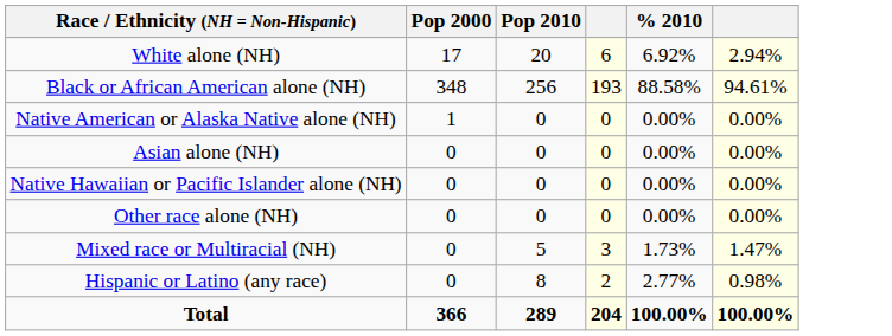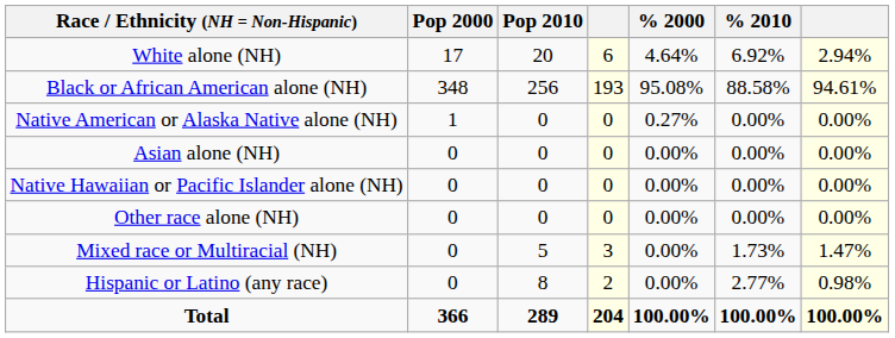 <table class="wikitable" style="text-align:center;">
 <tr>
 <th>Race / Ethnicity <small>(<em>NH = Non-Hispanic</em>)</small></th>
 <th>Pop 2000</th>
 <th>Pop 2010</th>
 <th></th>
+<th>% 2000</th>
 <th>% 2010</th>
 <th></th>
 </tr>
 <tr>
 <td><a href='#'>White</a> alone (NH)</td>
 <td>17</td>
 <td>20</td>
 <td style='background: #ffffe6;'>6</td>
+<td>4.64%</td>
 <td>6.92%</td>
 <td style='background: #ffffe6;'>2.94%</td>
 </tr>
 <tr>
 <td><a href='#'>Black or African American</a> alone (NH)</td>
 <td>348</td>
 <td>256</td>
 <td style='background: #ffffe6;'>193</td>
+<td>95.08%</td>
 <td>88.58%</td>
 <td style='background: #ffffe6;'>94.61%</td>
 </tr>
 <tr>
 <td><a href='#'>Native American</a> or <a href='#'>Alaska Native</a> alone (NH)</td>
 <td>1</td>
 <td>0</td>
 <td style='background: #ffffe6;'>0</td>
+<td>0.27%</td>
 <td>0.00%</td>
 <td style='background: #ffffe6;'>0.00%</td>
 </tr>
 <tr>
 <td><a href='#'>Asian</a> alone (NH)</td>
 <td>0</td>
 <td>0</td>
 <td style='background: #ffffe6;'>0</td>
 <td>0.00%</td>
+<td>0.00%</td>
 <td style='background: #ffffe6;'>0.00%</td>
 </tr>
 <tr>
 <td><a href='#'>Native Hawaiian</a> or <a href='#'>Pacific Islander</a> alone (NH)</td>
 <td>0</td>
 <td>0</td>
 <td style='background: #ffffe6;'>0</td>
+<td>0.00%</td>
 <td>0.00%</td>
 <td style='background: #ffffe6;'>0.00%</td>
 </tr>
 <tr>
 <td><a href='#'>Other race</a> alone (NH)</td>
 <td>0</td>
 <td>0</td>
 <td style='background: #ffffe6;'>0</td>
 <td>0.00%</td>
+<td>0.00%</td>
 <td style='background: #ffffe6;'>0.00%</td>
 </tr>
 <tr>
 <td><a href='#'>Mixed race or Multiracial</a> (NH)</td>
 <td>0</td>
 <td>5</td>
 <td style='background: #ffffe6;'>3</td>
+<td>0.00%</td>
 <td>1.73%</td>
 <td style='background: #ffffe6;'>1.47%</td>
 </tr>
 <tr>
 <td><a href='#'>Hispanic or Latino</a> (any race)</td>
 <td>0</td>
 <td>8</td>
 <td style='background: #ffffe6;'>2</td>
+<td>0.00%</td>
 <td>2.77%</td>
 <td style='background: #ffffe6;'>0.98%</td>
 </tr>
 <tr>
 <td><strong>Total</strong></td>
 <td><strong>366</strong></td>
 <td><strong>289</strong></td>
 <td style='background: #ffffe6;'><strong>204</strong></td>
 <td><strong>100.00%</strong></td>
+<td><strong>100.00%</strong></td>
 <td style='background: #ffffe6;'><strong>100.00%</strong></td>
 </tr>
 </table>
